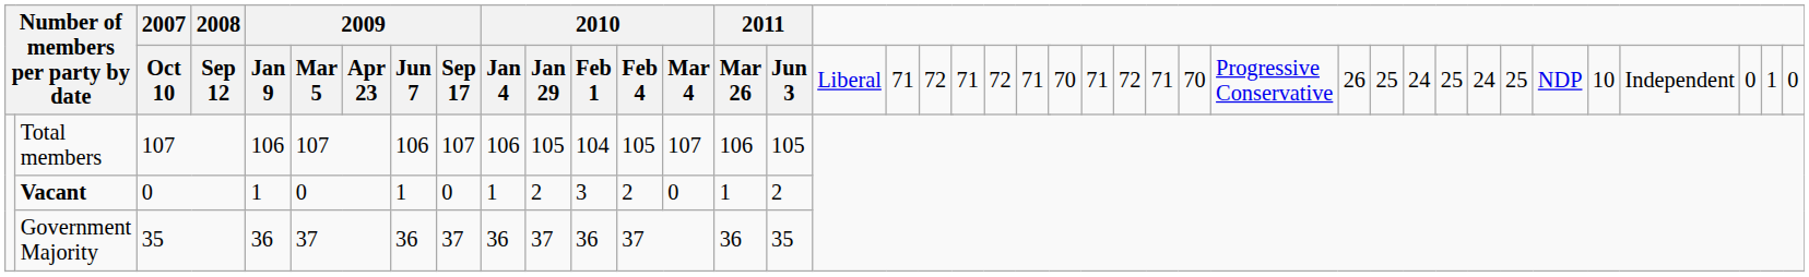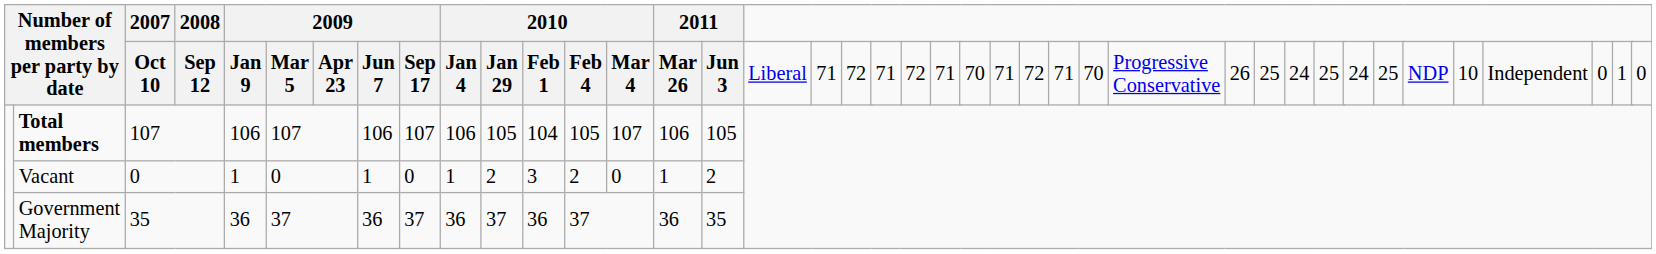 <table class="wikitable">
 <tr>
 <th colspan=2 rowspan=2>Number of members<br>per party by date</th>
 <th>2007</th>
 <th>2008</th>
 <th colspan=5>2009</th>
 <th colspan=5>2010</th>
 <th colspan=2>2011</th>
 </tr>
 <tr>
 <th>Oct 10</th>
 <th>Sep 12</th>
 <th>Jan 9</th>
 <th>Mar 5</th>
 <th>Apr 23</th>
 <th>Jun 7</th>
 <th>Sep 17</th>
 <th>Jan 4</th>
 <th>Jan 29</th>
 <th>Feb 1</th>
 <th>Feb 4</th>
 <th>Mar 4</th>
 <th>Mar 26</th>
 <th>Jun 3<br></th>
 <td><a href='#'>Liberal</a></td>
 <td colspan=3>71</td>
 <td colspan=2>72</td>
 <td>71</td>
 <td>72</td>
 <td colspan=2>71</td>
 <td>70</td>
 <td>71</td>
 <td>72</td>
 <td>71</td>
 <td>70<br></td>
 <td><a href='#'>Progressive Conservative</a></td>
 <td>26</td>
 <td>25</td>
 <td colspan=2>24</td>
 <td colspan=4>25</td>
 <td colspan=3>24</td>
 <td colspan=3>25<br></td>
 <td><a href='#'>NDP</a></td>
 <td colspan=14>10<br></td>
 <td>Independent</td>
 <td>0</td>
 <td colspan=3>1</td>
 <td colspan=10>0</td>
 </tr>
 <tr>
 <td rowspan=3></td>
-<td>Total members</td>
+<td><strong>Total members</strong></td>
 <td colspan=2>107</td>
 <td>106</td>
 <td colspan=2>107</td>
 <td>106</td>
 <td>107</td>
 <td>106</td>
 <td>105</td>
 <td>104</td>
 <td>105</td>
 <td>107</td>
 <td>106</td>
 <td>105</td>
 </tr>
 <tr>
-<td><strong>Vacant</strong></td>
+<td>Vacant</td>
 <td colspan=2>0</td>
 <td>1</td>
 <td colspan=2>0</td>
 <td>1</td>
 <td>0</td>
 <td>1</td>
 <td>2</td>
 <td>3</td>
 <td>2</td>
 <td>0</td>
 <td>1</td>
 <td>2</td>
 </tr>
 <tr>
 <td>Government Majority</td>
 <td colspan=2>35</td>
 <td>36</td>
 <td colspan=2>37</td>
 <td>36</td>
 <td>37</td>
 <td>36</td>
 <td>37</td>
 <td>36</td>
 <td colspan=2>37</td>
 <td>36</td>
 <td>35</td>
 </tr>
 </table>
